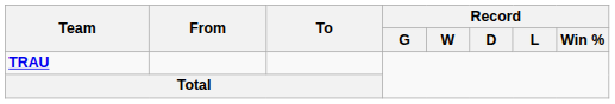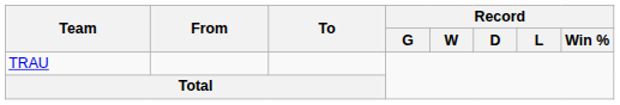 <table class="wikitable" style="text-align: center">
 <tr>
 <th rowspan=2! width=150>Team</th>
 <th rowspan=2! width=120>From</th>
 <th rowspan=2! width=120>To</th>
 <th colspan=7>Record</th>
 </tr>
 <tr>
 <th width=40>G</th>
 <th width=40>W</th>
 <th width=40>D</th>
 <th width=40>L</th>
 <th width=50>Win %</th>
 </tr>
 <tr>
-<td align=left><strong> <a href='#'>TRAU</a></strong></td>
+<td align=left> <a href='#'>TRAU</a></td>
 <td align=left></td>
 <td align=left><br></td>
 </tr>
 <tr>
 <th colspan="3">Total<br></th>
 </tr>
 </table>
